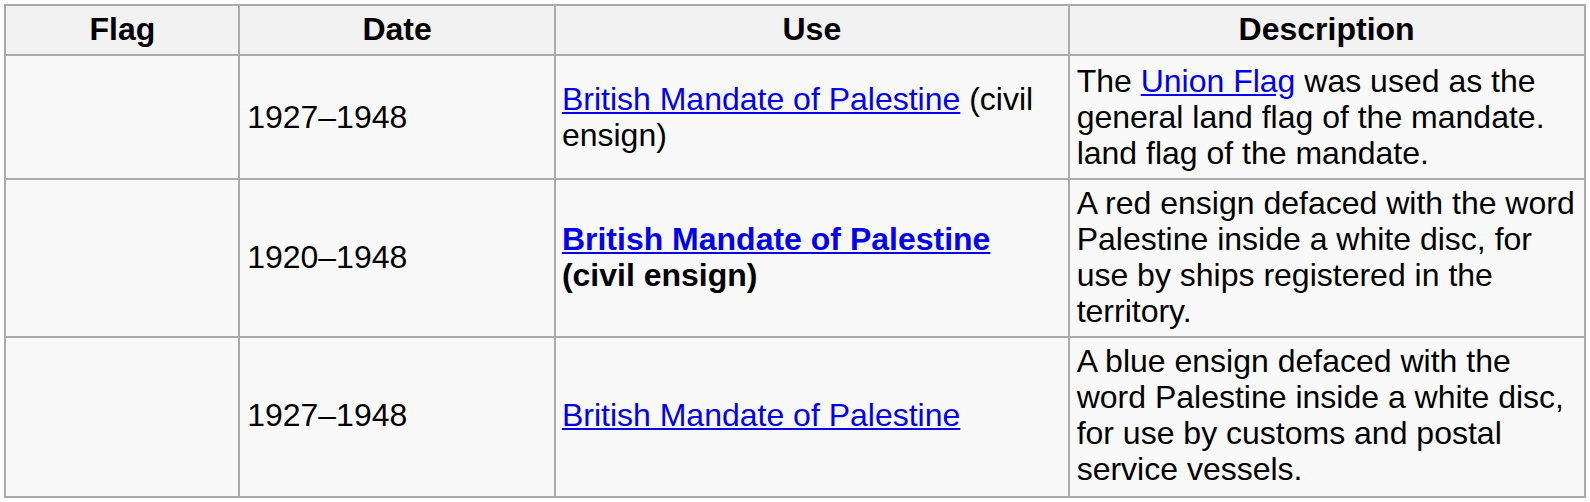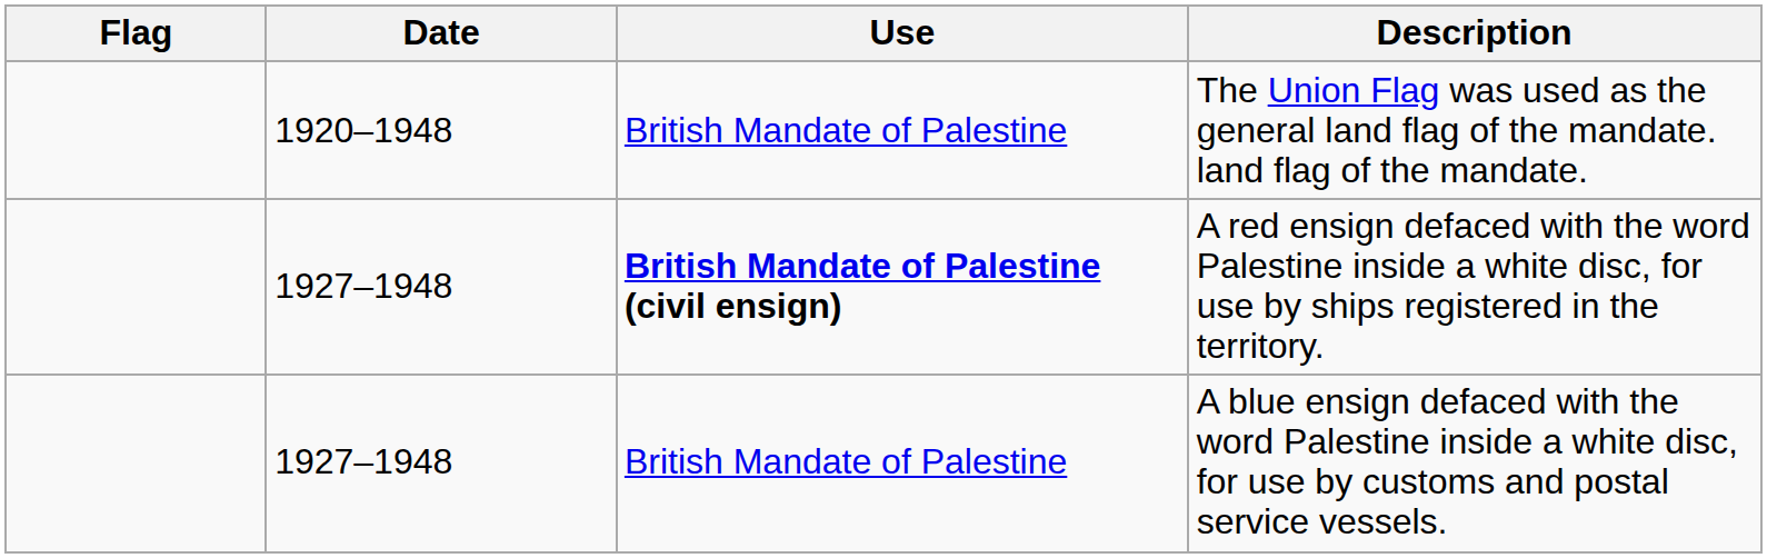 <table class="wikitable">
 <tr style="background:#efefef;">
 <th style="width:110px;">Flag</th>
 <th style="width:150px;">Date</th>
 <th style="width:250px;">Use</th>
 <th style="width:250px;">Description</th>
 </tr>
 <tr>
 <td></td>
-<td>1927–1948</td>
-<td><a href='#'>British Mandate of Palestine</a> (civil ensign)</td>
+<td>1920–1948</td>
+<td><a href='#'>British Mandate of Palestine</a></td>
 <td>The <a href='#'>Union Flag</a> was used as the general land flag of the mandate. land flag of the mandate.</td>
 </tr>
 <tr>
 <td></td>
-<td>1920–1948</td>
+<td>1927–1948</td>
 <td><strong><a href='#'>British Mandate of Palestine</a> (civil ensign)</strong></td>
 <td>A red ensign defaced with the word Palestine inside a white disc, for use by ships registered in the territory.</td>
 </tr>
 <tr>
 <td></td>
 <td>1927–1948</td>
 <td><a href='#'>British Mandate of Palestine</a></td>
 <td>A blue ensign defaced with the word Palestine inside a white disc, for use by customs and postal service vessels.</td>
 </tr>
 </table>
